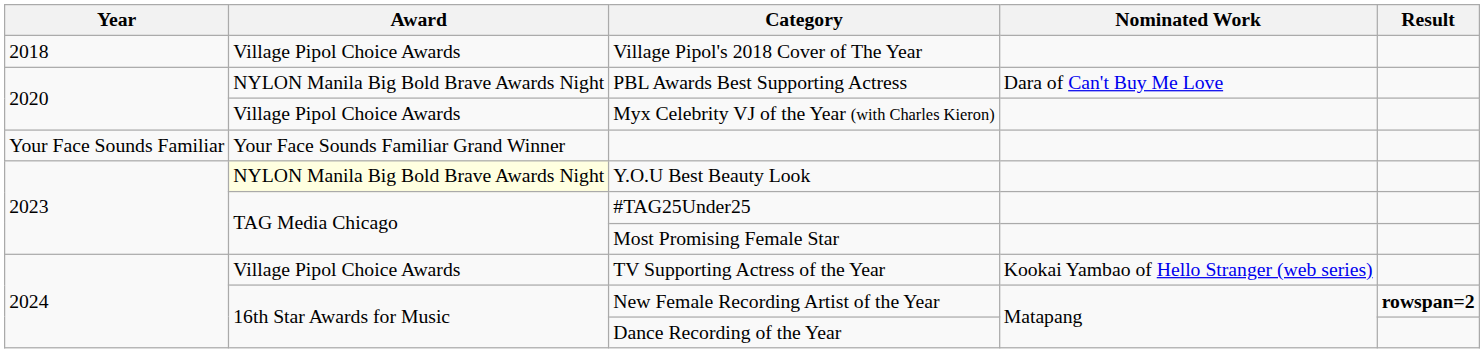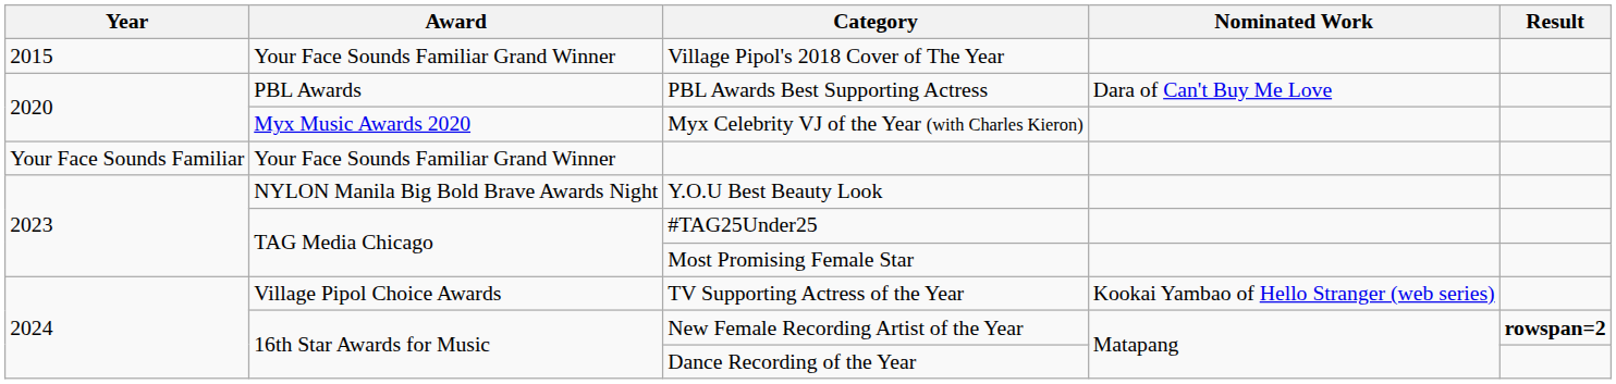 <table class="wikitable sortable">
 <tr>
 <th>Year</th>
 <th>Award</th>
 <th>Category</th>
 <th>Nominated Work</th>
 <th>Result</th>
 </tr>
 <tr>
-<td>2018</td>
-<td>Village Pipol Choice Awards</td>
+<td>2015</td>
+<td>Your Face Sounds Familiar Grand Winner</td>
 <td>Village Pipol's 2018 Cover of The Year</td>
 <td></td>
 <td></td>
 </tr>
 <tr>
 <td rowspan="2">2020</td>
-<td>NYLON Manila Big Bold Brave Awards Night</td>
+<td>PBL Awards</td>
 <td>PBL Awards Best Supporting Actress</td>
 <td>Dara of <a href='#'>Can't Buy Me Love</a></td>
 <td></td>
 </tr>
 <tr>
-<td>Village Pipol Choice Awards</td>
+<td><a href='#'>Myx Music Awards 2020</a></td>
 <td>Myx Celebrity VJ of the Year <small>(with Charles Kieron)</small></td>
 <td></td>
 <td></td>
 </tr>
 <tr>
 <td>Your Face Sounds Familiar</td>
 <td>Your Face Sounds Familiar Grand Winner</td>
 <td></td>
 <td></td>
 </tr>
 <tr>
 <td rowspan="3">2023</td>
-<td style="background: lightyellow;">NYLON Manila Big Bold Brave Awards Night</td>
+<td>NYLON Manila Big Bold Brave Awards Night</td>
 <td>Y.O.U Best Beauty Look</td>
 <td></td>
 <td></td>
 </tr>
 <tr>
 <td rowspan="2">TAG Media Chicago</td>
 <td>#TAG25Under25</td>
 <td></td>
 <td></td>
 </tr>
 <tr>
 <td>Most Promising Female Star</td>
 <td></td>
 <td></td>
 </tr>
 <tr>
 <td rowspan=3>2024</td>
 <td>Village Pipol Choice Awards</td>
 <td>TV Supporting Actress of the Year</td>
 <td>Kookai Yambao of <a href='#'>Hello Stranger (web series)</a></td>
 <td></td>
 </tr>
 <tr>
 <td rowspan=2>16th Star Awards for Music</td>
 <td>New Female Recording Artist of the Year</td>
 <td rowspan=2>Matapang</td>
 <td><strong>rowspan=2 </strong></td>
 </tr>
 <tr>
 <td>Dance Recording of the Year</td>
 </tr>
 </table>
